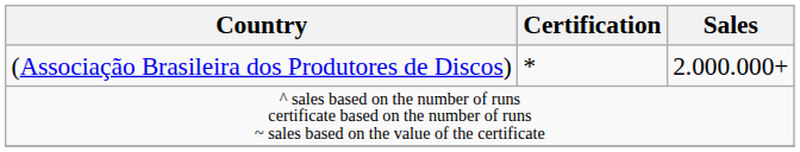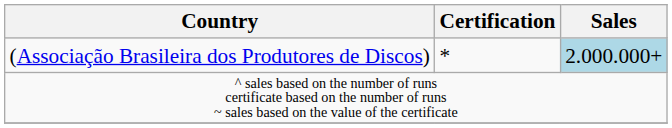 <table class="wikitable">
 <tr>
 <th bgcolor="#ebf5ff">Country</th>
 <th bgcolor="#ebf5ff">Certification</th>
 <th bgcolor="#ebf5ff">Sales</th>
 </tr>
 <tr>
 <td> (<a href='#'>Associação Brasileira dos Produtores de Discos</a>)</td>
 <td>*</td>
-<td align="center">2.000.000+</td>
+<td align="center" style="background: lightblue;">2.000.000+</td>
 </tr>
 <tr>
 <td colspan="16" align="center" style="font-size: 8pt">^ sales based on the number of runs<br> certificate based on the number of runs<br>~ sales based on the value of the certificate</td>
 </tr>
 <tr>
 </tr>
 </table>
